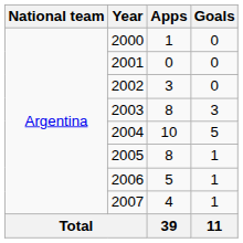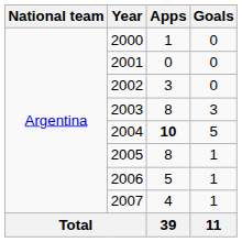 <table class="wikitable" style="text-align:center">
 <tr>
 <th>National team</th>
 <th>Year</th>
 <th>Apps</th>
 <th>Goals</th>
 </tr>
 <tr>
 <td rowspan="8"><a href='#'>Argentina</a></td>
 <td>2000</td>
 <td>1</td>
 <td>0</td>
 </tr>
 <tr>
 <td>2001</td>
 <td>0</td>
 <td>0</td>
 </tr>
 <tr>
 <td>2002</td>
 <td>3</td>
 <td>0</td>
 </tr>
 <tr>
 <td>2003</td>
 <td>8</td>
 <td>3</td>
 </tr>
 <tr>
 <td>2004</td>
-<td>10</td>
+<td><strong>10</strong></td>
 <td>5</td>
 </tr>
 <tr>
 <td>2005</td>
 <td>8</td>
 <td>1</td>
 </tr>
 <tr>
 <td>2006</td>
 <td>5</td>
 <td>1</td>
 </tr>
 <tr>
 <td>2007</td>
 <td>4</td>
 <td>1</td>
 </tr>
 <tr>
 <th colspan="2">Total</th>
 <th>39</th>
 <th>11</th>
 </tr>
 </table>
